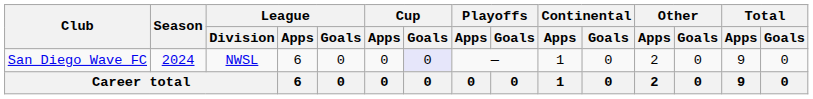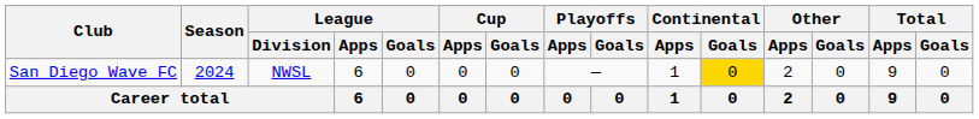 <table class="wikitable" style="text-align: center;">
 <tr>
 <th rowspan="2">Club</th>
 <th rowspan="2">Season</th>
 <th colspan="3">League</th>
 <th colspan="2">Cup</th>
 <th colspan="2">Playoffs</th>
 <th colspan="2">Continental</th>
 <th colspan="2">Other</th>
 <th colspan="2">Total</th>
 </tr>
 <tr>
 <th>Division</th>
 <th>Apps</th>
 <th>Goals</th>
 <th>Apps</th>
 <th>Goals</th>
 <th>Apps</th>
 <th>Goals</th>
 <th>Apps</th>
 <th>Goals</th>
 <th>Apps</th>
 <th>Goals</th>
 <th>Apps</th>
 <th>Goals</th>
 </tr>
 <tr>
 <td><a href='#'>San Diego Wave FC</a></td>
 <td><a href='#'>2024</a></td>
 <td><a href='#'>NWSL</a></td>
 <td>6</td>
 <td>0</td>
 <td>0</td>
-<td style="background: lavender;">0</td>
+<td>0</td>
 <td colspan="2">—</td>
 <td>1</td>
-<td>0</td>
+<td style="background: gold;">0</td>
 <td>2</td>
 <td>0</td>
 <td>9</td>
 <td>0</td>
 </tr>
 <tr>
 <th colspan="3">Career total</th>
 <th>6</th>
 <th>0</th>
 <th>0</th>
 <th>0</th>
 <th>0</th>
 <th>0</th>
 <th>1</th>
 <th>0</th>
 <th>2</th>
 <th>0</th>
 <th>9</th>
 <th>0</th>
 </tr>
 </table>
